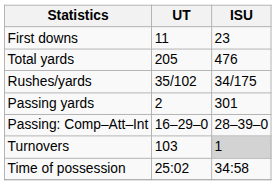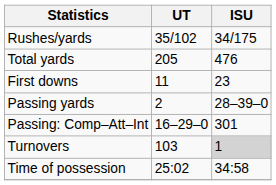 <table class="wikitable" style="float: left;">
 <tr>
 <th>Statistics</th>
 <th>UT</th>
 <th>ISU</th>
 </tr>
 <tr>
-<td>First downs</td>
-<td>11</td>
-<td>23</td>
+<td>Rushes/yards</td>
+<td>35/102</td>
+<td>34/175</td>
 </tr>
 <tr>
 <td>Total yards</td>
 <td>205</td>
 <td>476</td>
 </tr>
 <tr>
-<td>Rushes/yards</td>
-<td>35/102</td>
-<td>34/175</td>
+<td>First downs</td>
+<td>11</td>
+<td>23</td>
 </tr>
 <tr>
 <td>Passing yards</td>
 <td>2</td>
-<td>301</td>
+<td>28–39–0</td>
 </tr>
 <tr>
 <td>Passing: Comp–Att–Int</td>
 <td>16–29–0</td>
-<td>28–39–0</td>
+<td>301</td>
 </tr>
 <tr>
 <td>Turnovers</td>
 <td>103</td>
 <td style="background: lightgrey;">1</td>
 </tr>
 <tr>
 <td>Time of possession</td>
 <td>25:02</td>
 <td>34:58</td>
 </tr>
 <tr>
 </tr>
 </table>
